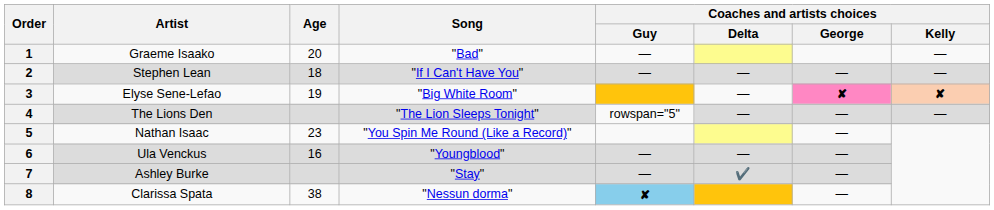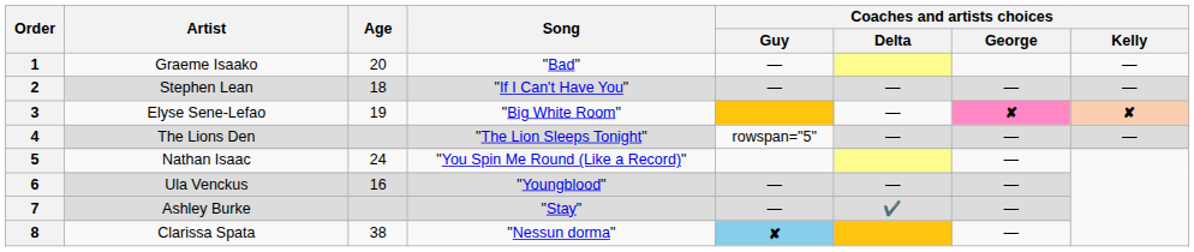 <table class="wikitable" style="text-align:center; width:100%;">
 <tr>
 <th scope="col" rowspan="2" style="width:05%;">Order</th>
 <th scope="col" rowspan="2" style="width:24%;">Artist</th>
 <th scope="col" rowspan="2" style="width:05%;">Age</th>
 <th scope="col" rowspan="2" style="width:26%;">Song</th>
 <th colspan="4" style="width:40%;">Coaches and artists choices</th>
 </tr>
 <tr>
 <th style="width:10%;">Guy</th>
 <th style="width:10%;">Delta</th>
 <th style="width:10%;">George</th>
 <th style="width:10%;">Kelly</th>
 </tr>
 <tr>
 <th>1</th>
 <td>Graeme Isaako</td>
 <td>20</td>
 <td>"<a href='#'>Bad</a>"</td>
 <td>—</td>
 <td style="background-color:#FDFC8F;"> <strong></strong> </td>
 <td> <strong></strong> </td>
 <td>—</td>
 </tr>
 <tr>
 <th>2</th>
 <td style="background-color:#DCDCDC;">Stephen Lean</td>
 <td style="background-color:#DCDCDC;">18</td>
 <td style="background-color:#DCDCDC;">"<a href='#'>If I Can't Have You</a>"</td>
 <td style="background-color:#DCDCDC;">—</td>
 <td style="background-color:#DCDCDC;">—</td>
 <td style="background-color:#DCDCDC;">—</td>
 <td style="background-color:#DCDCDC;">—</td>
 </tr>
 <tr>
 <th>3</th>
 <td>Elyse Sene-Lefao</td>
 <td>19</td>
 <td>"<a href='#'>Big White Room</a>"</td>
 <td style="background-color:#FFC40C;"> <strong></strong> </td>
 <td>—</td>
 <td style="background:#FF87C3"><strong>✘</strong></td>
 <td style="background:#FBCEB1;"><strong>✘</strong></td>
 </tr>
 <tr>
 <th>4</th>
 <td style="background-color:#DCDCDC;">The Lions Den</td>
 <td style="background-color:#DCDCDC;"></td>
 <td style="background-color:#DCDCDC;">"<a href='#'>The Lion Sleeps Tonight</a>"</td>
 <td>rowspan="5" </td>
 <td style="background-color:#DCDCDC;">—</td>
 <td style="background-color:#DCDCDC;">—</td>
 <td style="background-color:#DCDCDC;">—</td>
 </tr>
 <tr>
 <th>5</th>
 <td>Nathan Isaac</td>
-<td>23</td>
+<td>24</td>
 <td>"<a href='#'>You Spin Me Round (Like a Record)</a>"</td>
 <td> <strong></strong> </td>
 <td style="background-color:#FDFC8F;"> <strong></strong> </td>
 <td>—</td>
 </tr>
 <tr>
 <th>6</th>
 <td style="background-color:#DCDCDC;">Ula Venckus</td>
 <td style="background-color:#DCDCDC;">16</td>
 <td style="background-color:#DCDCDC;">"<a href='#'>Youngblood</a>"</td>
 <td style="background-color:#DCDCDC;">—</td>
 <td style="background-color:#DCDCDC;">—</td>
 <td style="background-color:#DCDCDC;">—</td>
 </tr>
 <tr>
 <th>7</th>
 <td style="background-color:#DCDCDC;">Ashley Burke</td>
 <td style="background-color:#DCDCDC;"></td>
 <td style="background-color:#DCDCDC;">"<a href='#'>Stay</a>"</td>
 <td style="background-color:#DCDCDC;">—</td>
 <td style="background-color:#DCDCDC;">✔️</td>
 <td style="background-color:#DCDCDC;">—</td>
 </tr>
 <tr>
 <th>8</th>
 <td>Clarissa Spata</td>
 <td>38</td>
 <td>"<a href='#'>Nessun dorma</a>"</td>
 <td style="background:#87ceeb;"><strong>✘</strong></td>
 <td style="background-color:#FFC40C;"> <strong></strong> </td>
 <td>—</td>
 </tr>
 </table>
